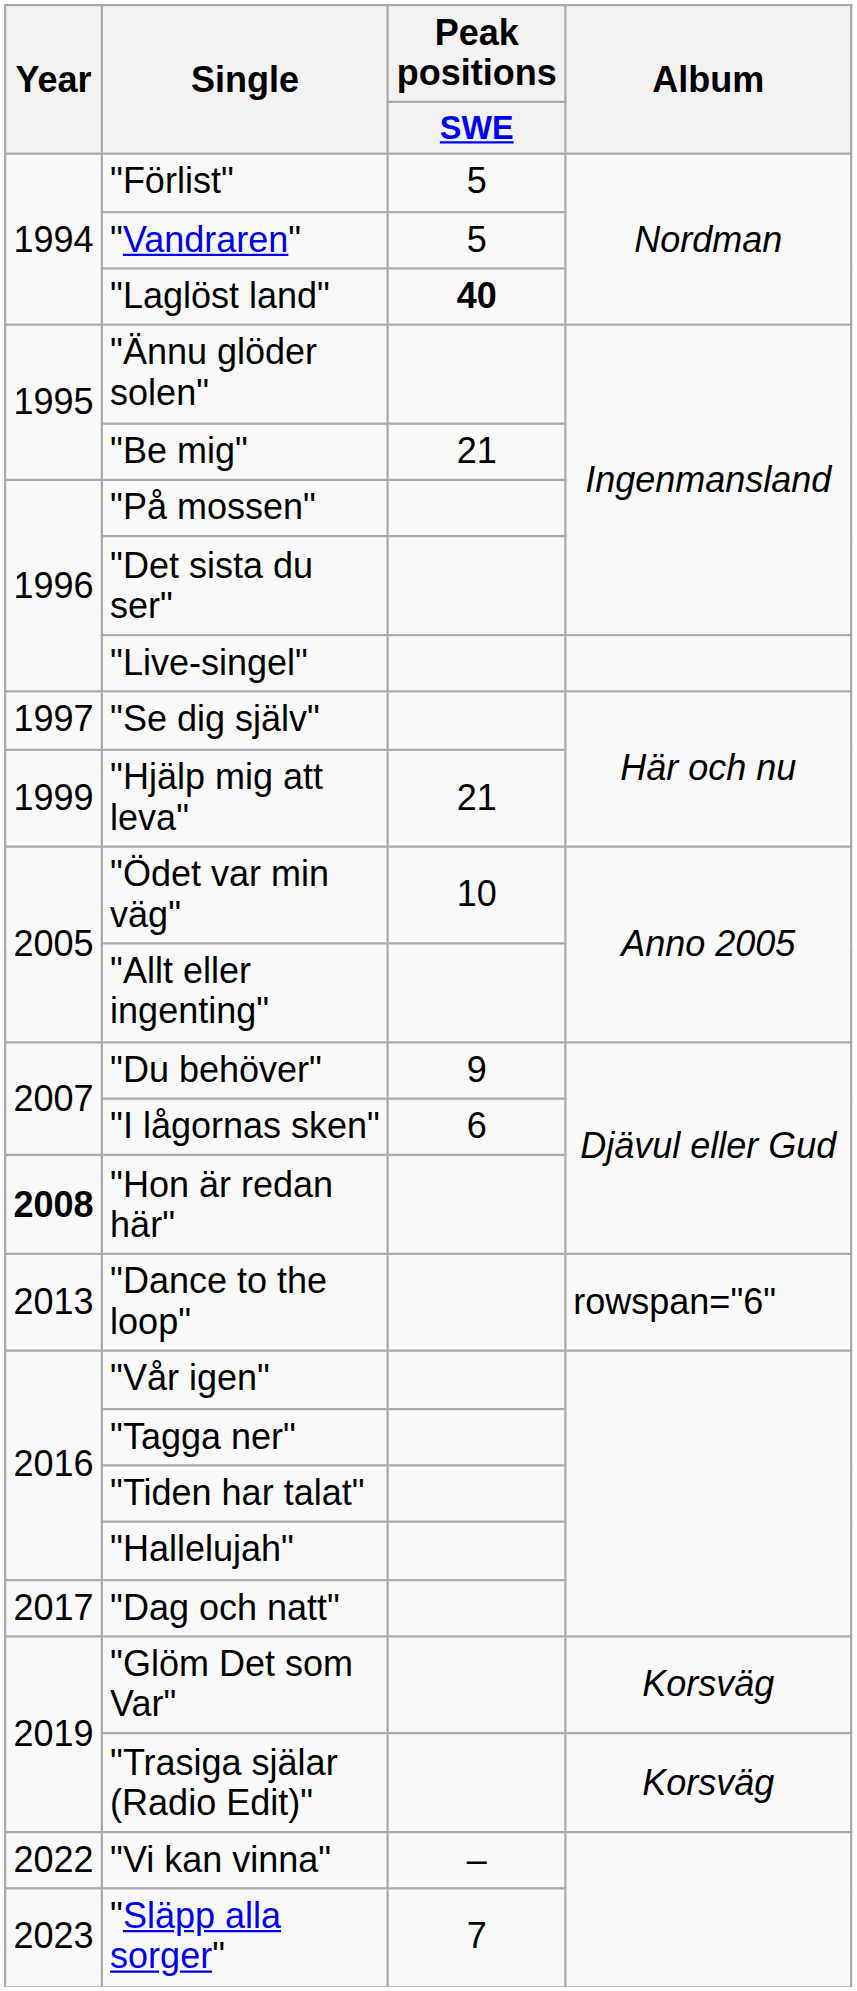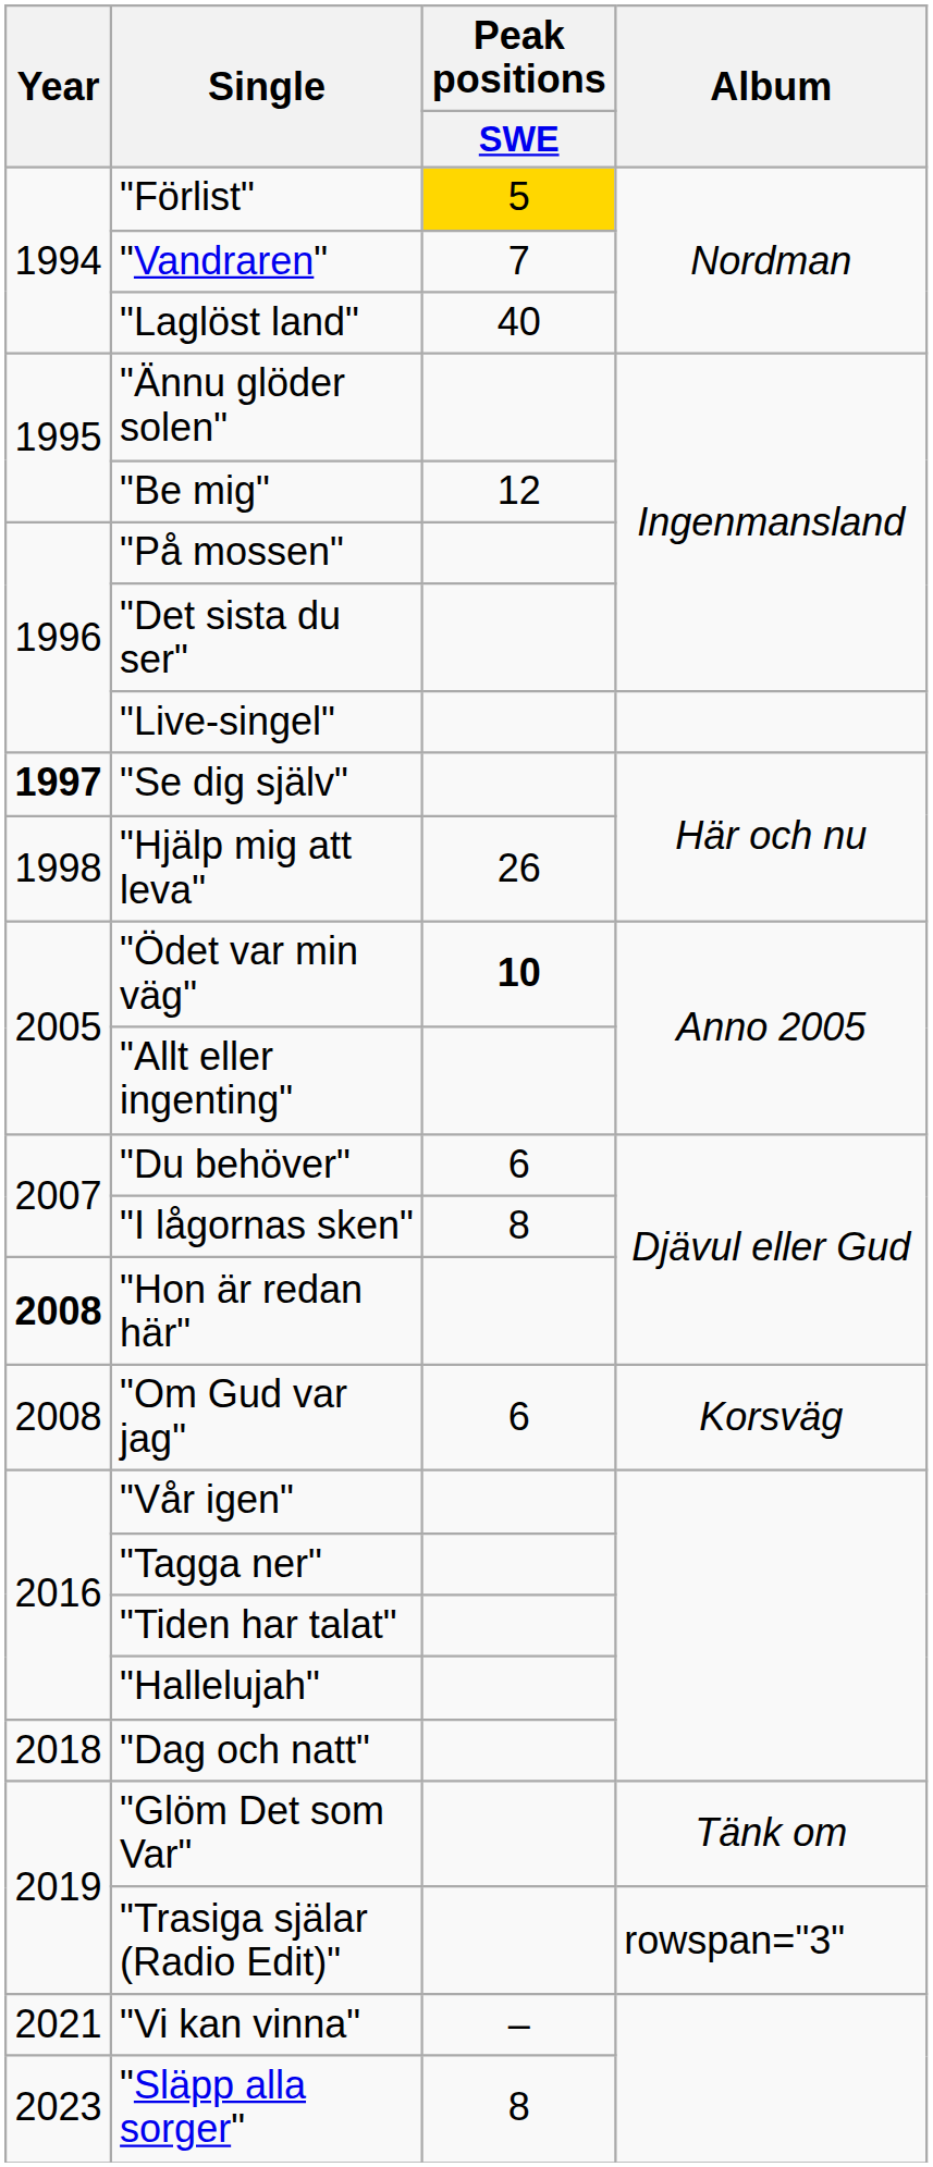 <table class="wikitable">
 <tr>
 <th align="center" rowspan="2" width="10">Year</th>
 <th align="center" rowspan="2" width="120">Single</th>
 <th align="center" colspan="1" width="20">Peak positions</th>
 <th align="center" rowspan="2" width="120">Album</th>
 </tr>
 <tr>
 <th scope="col" style="width:3em;font-size:90%;"><a href='#'>SWE</a><br></th>
 </tr>
 <tr>
 <td style="text-align:center;" rowspan=3>1994</td>
 <td>"Förlist"</td>
-<td style="text-align:center;">5</td>
+<td style="background: gold; text-align:center;">5</td>
 <td style="text-align:center;" rowspan=3><em>Nordman</em></td>
 </tr>
 <tr>
 <td>"<a href='#'>Vandraren</a>"</td>
-<td style="text-align:center;">5</td>
+<td style="text-align:center;">7</td>
 </tr>
 <tr>
 <td>"Laglöst land"</td>
-<td style="text-align:center;"><strong>40</strong></td>
+<td style="text-align:center;">40</td>
 </tr>
 <tr>
 <td style="text-align:center;" rowspan=2>1995</td>
 <td>"Ännu glöder solen"</td>
 <td style="text-align:center;"></td>
 <td style="text-align:center;" rowspan=4><em>Ingenmansland</em></td>
 </tr>
 <tr>
 <td>"Be mig"</td>
-<td style="text-align:center;">21</td>
+<td style="text-align:center;">12</td>
 </tr>
 <tr>
 <td style="text-align:center;" rowspan=3>1996</td>
 <td>"På mossen"</td>
 <td style="text-align:center;"></td>
 </tr>
 <tr>
 <td>"Det sista du ser"</td>
 <td style="text-align:center;"></td>
 </tr>
 <tr>
 <td>"Live-singel"</td>
 <td style="text-align:center;"></td>
 <td style="text-align:center;"></td>
 </tr>
 <tr>
-<td style="text-align:center;" rowspan=1>1997</td>
+<td style="text-align:center;" rowspan=1><strong>1997</strong></td>
 <td>"Se dig själv"</td>
 <td style="text-align:center;"></td>
 <td style="text-align:center;" rowspan=2><em>Här och nu</em></td>
 </tr>
 <tr>
-<td style="text-align:center;" rowspan=1>1999</td>
+<td style="text-align:center;" rowspan=1>1998</td>
 <td>"Hjälp mig att leva"</td>
-<td style="text-align:center;">21</td>
+<td style="text-align:center;">26</td>
 </tr>
 <tr>
 <td style="text-align:center;" rowspan=2>2005</td>
 <td>"Ödet var min väg"</td>
-<td style="text-align:center;">10</td>
+<td style="text-align:center;"><strong>10</strong></td>
 <td style="text-align:center;" rowspan=2><em>Anno 2005</em></td>
 </tr>
 <tr>
 <td>"Allt eller ingenting"</td>
 <td style="text-align:center;"></td>
 </tr>
 <tr>
 <td style="text-align:center;" rowspan=2>2007</td>
 <td>"Du behöver"</td>
-<td style="text-align:center;">9</td>
+<td style="text-align:center;">6</td>
 <td style="text-align:center;" rowspan=3><em>Djävul eller Gud</em></td>
 </tr>
 <tr>
 <td>"I lågornas sken"</td>
-<td style="text-align:center;">6</td>
+<td style="text-align:center;">8</td>
 </tr>
 <tr>
 <td style="text-align:center;" rowspan=1><strong>2008</strong></td>
 <td>"Hon är redan här"</td>
 <td style="text-align:center;"></td>
 </tr>
 <tr>
-<td style="text-align:center;" rowspan=1>2013</td>
-<td>"Dance to the loop"</td>
-<td style="text-align:center;"></td>
-<td>rowspan="6" </td>
+<td style="text-align:center;" rowspan=1>2008</td>
+<td>"Om Gud var jag"</td>
+<td style="text-align:center;">6</td>
+<td style="text-align:center;"><em>Korsväg</em></td>
 </tr>
 <tr>
 <td style="text-align:center;" rowspan=4>2016</td>
 <td>"Vår igen"</td>
 <td style="text-align:center;"></td>
 </tr>
 <tr>
 <td>"Tagga ner"</td>
 <td style="text-align:center;"></td>
 </tr>
 <tr>
 <td>"Tiden har talat"</td>
 <td style="text-align:center;"></td>
 </tr>
 <tr>
 <td>"Hallelujah"</td>
 <td style="text-align:center;"></td>
 </tr>
 <tr>
-<td style="text-align:center;" rowspan=1>2017</td>
+<td style="text-align:center;" rowspan=1>2018</td>
 <td>"Dag och natt"</td>
 <td style="text-align:center;"></td>
 </tr>
 <tr>
 <td style="text-align:center;" rowspan=2>2019</td>
 <td>"Glöm Det som Var"</td>
 <td style="text-align:center;"></td>
-<td style="text-align:center;"><em>Korsväg</em></td>
+<td style="text-align:center;"><em>Tänk om</em></td>
 </tr>
 <tr>
 <td>"Trasiga själar (Radio Edit)"</td>
 <td style="text-align:center;"></td>
-<td style="text-align:center;"><em>Korsväg</em></td>
+<td>rowspan="3" </td>
 </tr>
 <tr>
-<td style="text-align:center;">2022</td>
+<td style="text-align:center;">2021</td>
 <td>"Vi kan vinna"</td>
 <td style="text-align:center;">–</td>
 </tr>
 <tr>
 <td style="text-align:center;">2023</td>
 <td>"<a href='#'>Släpp alla sorger</a>"</td>
-<td style="text-align:center;">7<br></td>
+<td style="text-align:center;">8<br></td>
 </tr>
 </table>
